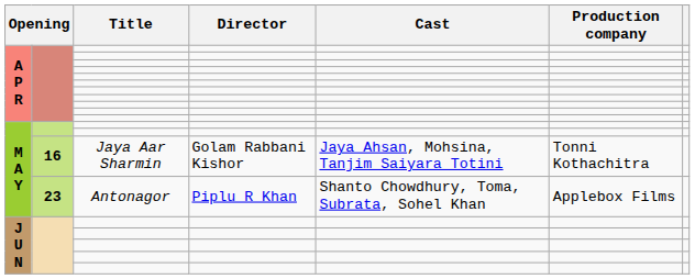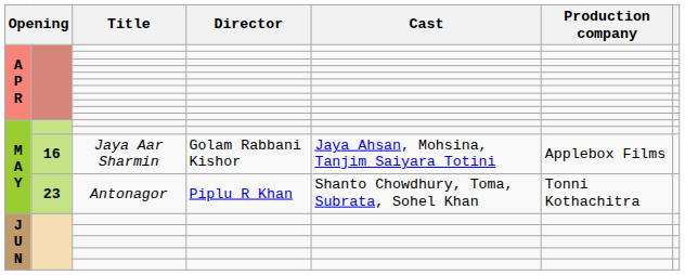 <table class="wikitable sortable mw-collapsible">
 <tr>
 <th colspan="2"><strong>Opening</strong></th>
 <th><strong>Title</strong></th>
 <th><strong>Director</strong></th>
 <th><strong>Cast</strong></th>
 <th><strong>Production company</strong></th>
 <th></th>
 </tr>
 <tr>
 <th rowspan="11" style="text-align:center; background:#F88379; textcolor:#000;"><strong>A<br>P<br>R</strong></th>
 <td rowspan="11" style="text-align:center; background:#d88579;" ;></td>
 <td style="text-align:center;"></td>
 <td></td>
 <td></td>
 <td></td>
 <td></td>
 </tr>
 <tr>
 <td style="text-align:center;"></td>
 <td></td>
 <td></td>
 <td></td>
 <td></td>
 </tr>
 <tr>
 <td style="text-align:center;"></td>
 <td></td>
 <td></td>
 <td></td>
 <td></td>
 </tr>
 <tr>
 <td style="text-align:center;"></td>
 <td></td>
 <td></td>
 <td></td>
 <td></td>
 </tr>
 <tr>
 <td style="text-align:center;"></td>
 <td></td>
 <td></td>
 <td></td>
 <td></td>
 </tr>
 <tr>
 <td style="text-align:center;"></td>
 <td></td>
 <td></td>
 <td></td>
 <td></td>
 </tr>
 <tr>
 <td style="text-align:center;"></td>
 <td></td>
 <td></td>
 <td></td>
 <td></td>
 </tr>
 <tr>
 <td style="text-align:center;"></td>
 <td></td>
 <td></td>
 <td></td>
 <td></td>
 </tr>
 <tr>
 <td style="text-align:center;"></td>
 <td></td>
 <td></td>
 <td></td>
 <td></td>
 </tr>
 <tr>
 <td style="text-align:center;"></td>
 <td></td>
 <td></td>
 <td></td>
 <td></td>
 </tr>
 <tr>
 <td style="text-align:center;"></td>
 <td></td>
 <td></td>
 <td></td>
 <td></td>
 </tr>
 <tr>
 <td rowspan="4" style="text-align:center; background: #9ACD32; textcolor:#000;"><strong>M<br>A<br>Y</strong></td>
 <td rowspan="2" style="text-align:center; background:#C5E384;"></td>
 <td style="text-align:center;"></td>
 <td></td>
 <td></td>
 <td></td>
 <td></td>
 </tr>
 <tr>
 <td style="text-align:center;"></td>
 <td></td>
 <td></td>
 <td></td>
 <td></td>
 </tr>
 <tr>
 <td style="text-align:center; background:#C5E384;"><strong>16</strong></td>
 <td style="text-align:center;"><em>Jaya Aar Sharmin</em></td>
 <td>Golam Rabbani Kishor</td>
 <td><a href='#'>Jaya Ahsan</a>, Mohsina, <a href='#'>Tanjim Saiyara Totini</a></td>
-<td>Tonni Kothachitra</td>
+<td>Applebox Films</td>
 <td></td>
 </tr>
 <tr>
 <td style="text-align:center; background:#C5E384;"><strong>23</strong></td>
 <td style="text-align:center;"><em>Antonagor</em></td>
 <td><a href='#'>Piplu R Khan</a></td>
 <td>Shanto Chowdhury, Toma, <a href='#'>Subrata</a>, Sohel Khan</td>
-<td>Applebox Films</td>
+<td>Tonni Kothachitra</td>
 <td></td>
 </tr>
 <tr>
 <td rowspan="5" style="text-align:center; background:#C19A6B; textcolor:#000;"><strong>J<br>U<br>N</strong></td>
 <td rowspan="5" style="text-align:center;background:#F5DEB3;"></td>
 <td style="text-align:center;"></td>
 <td></td>
 <td></td>
 <td></td>
 <td></td>
 </tr>
 <tr>
 <td style="text-align:center;"></td>
 <td></td>
 <td></td>
 <td></td>
 <td></td>
 </tr>
 <tr>
 <td style="text-align:center;"></td>
 <td></td>
 <td></td>
 <td></td>
 <td></td>
 </tr>
 <tr>
 <td style="text-align:center;"></td>
 <td></td>
 <td></td>
 <td></td>
 <td></td>
 </tr>
 <tr>
 <td style="text-align:center;"></td>
 <td></td>
 <td></td>
 <td></td>
 <td></td>
 </tr>
 </table>
